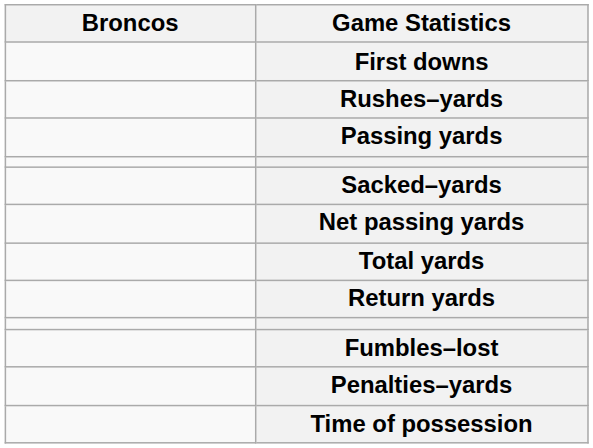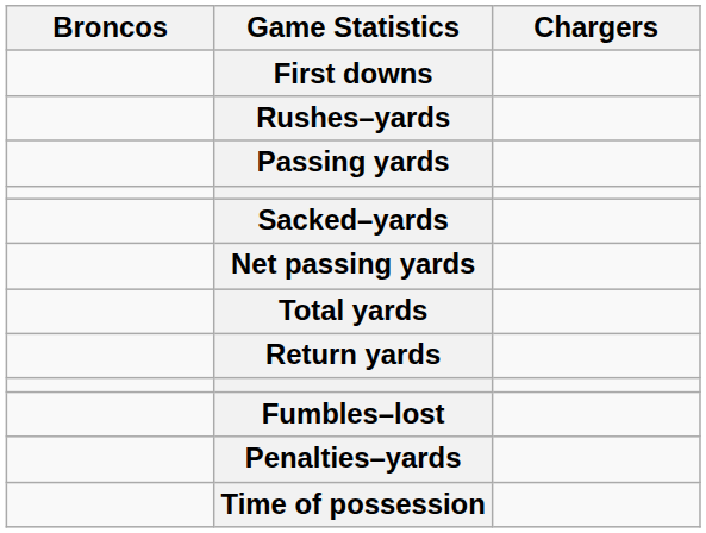 <table class="wikitable" style="margin: 1em auto 1em auto">
 <tr>
 <th style="width:30%;">Broncos</th>
 <th style="width:40%;">Game Statistics</th>
+<th style="width:30%;">Chargers</th>
 </tr>
 <tr>
 <td style="text-align:right;"></td>
 <th>First downs</th>
+<td></td>
 </tr>
 <tr>
 <td style="text-align:right;"></td>
 <th>Rushes–yards</th>
+<td></td>
 </tr>
 <tr>
 <td style="text-align:right;"></td>
 <th>Passing yards</th>
+<td></td>
 </tr>
 <tr>
 <td style="text-align:right;"></td>
 <th></th>
+<td></td>
 </tr>
 <tr>
 <td style="text-align:right;"></td>
 <th>Sacked–yards</th>
+<td></td>
 </tr>
 <tr>
 <td style="text-align:right;"></td>
 <th>Net passing yards</th>
+<td></td>
 </tr>
 <tr>
 <td style="text-align:right;"></td>
 <th>Total yards</th>
+<td></td>
 </tr>
 <tr>
 <td style="text-align:right;"></td>
 <th>Return yards</th>
+<td></td>
 </tr>
 <tr>
 <td style="text-align:right;"></td>
 <th></th>
+<td></td>
 </tr>
 <tr>
 <td style="text-align:right;"></td>
 <th>Fumbles–lost</th>
+<td></td>
 </tr>
 <tr>
 <td style="text-align:right;"></td>
 <th>Penalties–yards</th>
+<td></td>
 </tr>
 <tr>
 <td style="text-align:right;"></td>
 <th>Time of possession</th>
+<td></td>
 </tr>
 </table>
